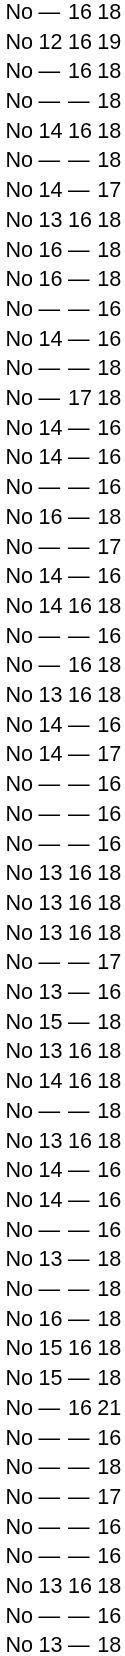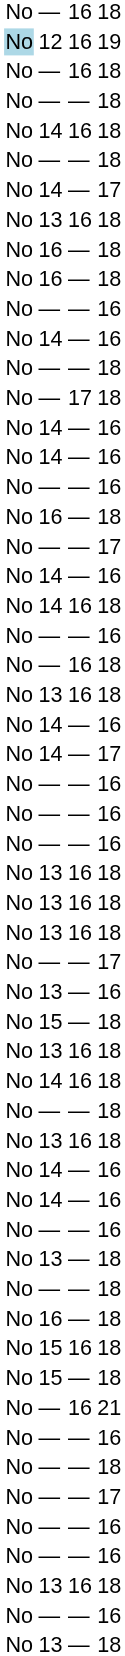 <table>
 <tr>
 <td style=text-align:left></td>
 <td>No</td>
 <td colspan=4>—</td>
 <td colspan=4>16</td>
 <td colspan=4>18</td>
 <td style=text-align:left;width:11em></td>
 </tr>
 <tr>
 <td style=text-align:left></td>
-<td>No</td>
+<td style="background: lightblue;">No</td>
 <td colspan=4>12</td>
 <td colspan=4>16</td>
 <td colspan=4>19</td>
 <td style=text-align:left></td>
 </tr>
 <tr>
 <td style=text-align:left></td>
 <td>No</td>
 <td colspan=4>—</td>
 <td colspan=4>16</td>
 <td colspan=4>18</td>
 <td style=text-align:left></td>
 </tr>
 <tr>
 <td style=text-align:left></td>
 <td>No</td>
 <td colspan=4>—</td>
 <td colspan=4>—</td>
 <td colspan=4>18</td>
 <td style=text-align:left></td>
 </tr>
 <tr>
 <td style=text-align:left></td>
 <td>No</td>
 <td colspan=4>14</td>
 <td colspan=4>16</td>
 <td colspan=4>18</td>
 <td style=text-align:left></td>
 </tr>
 <tr>
 <td style=text-align:left></td>
 <td>No</td>
 <td colspan=4>—</td>
 <td colspan=4>—</td>
 <td colspan=4>18</td>
 <td style=text-align:left></td>
 </tr>
 <tr>
 <td style=text-align:left></td>
 <td>No</td>
 <td colspan=4>14</td>
 <td colspan=4>—</td>
 <td colspan=4>17</td>
 <td></td>
 </tr>
 <tr>
 <td style=text-align:left></td>
 <td>No</td>
 <td colspan=4>13</td>
 <td colspan=4>16</td>
 <td colspan=4>18</td>
 <td style=text-align:left></td>
 </tr>
 <tr>
 <td style=text-align:left></td>
 <td>No</td>
 <td colspan=4>16</td>
 <td colspan=4>—</td>
 <td colspan=4>18</td>
 <td style=text-align:left></td>
 </tr>
 <tr>
 <td style=text-align:left></td>
 <td>No</td>
 <td colspan=4>16</td>
 <td colspan=4>—</td>
 <td colspan=4>18</td>
 <td style=text-align:left></td>
 </tr>
 <tr>
 <td style=text-align:left></td>
 <td>No</td>
 <td colspan=4>—</td>
 <td colspan=4>—</td>
 <td colspan=4>16</td>
 <td style=text-align:left></td>
 </tr>
 <tr>
 <td style=text-align:left></td>
 <td>No</td>
 <td colspan=4>14</td>
 <td colspan=4>—</td>
 <td colspan=4>16</td>
 <td style=text-align:left></td>
 </tr>
 <tr>
 <td style=text-align:left></td>
 <td>No</td>
 <td colspan=4>—</td>
 <td colspan=4>—</td>
 <td colspan=4>18</td>
 <td style=text-align:left></td>
 </tr>
 <tr>
 <td style=text-align:left></td>
 <td>No</td>
 <td colspan=4>—</td>
 <td colspan=4>17</td>
 <td colspan=4>18</td>
 <td style=text-align:left></td>
 </tr>
 <tr>
 <td style=text-align:left></td>
 <td>No</td>
 <td colspan=4>14</td>
 <td colspan=4>—</td>
 <td colspan=4>16</td>
 <td style=text-align:left></td>
 </tr>
 <tr>
 <td style=text-align:left></td>
 <td>No</td>
 <td colspan=4>14</td>
 <td colspan=4>—</td>
 <td colspan=4>16</td>
 <td></td>
 </tr>
 <tr>
 <td style=text-align:left></td>
 <td>No</td>
 <td colspan=4>—</td>
 <td colspan=4>—</td>
 <td colspan=4>16</td>
 <td style=text-align:left></td>
 </tr>
 <tr>
 <td style=text-align:left></td>
 <td>No</td>
 <td colspan=4>16</td>
 <td colspan=4>—</td>
 <td colspan=4>18</td>
 <td style=text-align:left></td>
 </tr>
 <tr>
 <td style=text-align:left></td>
 <td>No</td>
 <td colspan=4>—</td>
 <td colspan=4>—</td>
 <td colspan=4>17</td>
 <td style=text-align:left></td>
 </tr>
 <tr>
 <td style=text-align:left></td>
 <td>No</td>
 <td colspan=4>14</td>
 <td colspan=4>—</td>
 <td colspan=4>16</td>
 <td></td>
 </tr>
 <tr>
 <td style=text-align:left></td>
 <td>No</td>
 <td colspan=4>14</td>
 <td colspan=4>16</td>
 <td colspan=4>18</td>
 <td style=text-align:left></td>
 </tr>
 <tr>
 <td style=text-align:left></td>
 <td>No</td>
 <td colspan=4>—</td>
 <td colspan=4>—</td>
 <td colspan=4>16</td>
 <td style=text-align:left></td>
 </tr>
 <tr>
 <td style=text-align:left></td>
 <td>No</td>
 <td colspan=4>—</td>
 <td colspan=4>16</td>
 <td colspan=4>18</td>
 <td style=text-align:left></td>
 </tr>
 <tr>
 <td style=text-align:left></td>
 <td>No</td>
 <td colspan=4>13</td>
 <td colspan=4>16</td>
 <td colspan=4>18</td>
 <td style=text-align:left></td>
 </tr>
 <tr>
 <td style=text-align:left></td>
 <td>No</td>
 <td colspan=4>14</td>
 <td colspan=4>—</td>
 <td colspan=4>16</td>
 <td style=text-align:left></td>
 </tr>
 <tr>
 <td style=text-align:left></td>
 <td>No</td>
 <td colspan=4>14</td>
 <td colspan=4>—</td>
 <td colspan=4>17</td>
 <td></td>
 </tr>
 <tr>
 <td style=text-align:left></td>
 <td>No</td>
 <td colspan=4>—</td>
 <td colspan=4>—</td>
 <td colspan=4>16</td>
 <td style=text-align:left></td>
 </tr>
 <tr>
 <td style=text-align:left></td>
 <td>No</td>
 <td colspan=4>—</td>
 <td colspan=4>—</td>
 <td colspan=4>16</td>
 <td style=text-align:left></td>
 </tr>
 <tr>
 <td style=text-align:left></td>
 <td>No</td>
 <td colspan=4>—</td>
 <td colspan=4>—</td>
 <td colspan=4>16</td>
 <td></td>
 </tr>
 <tr>
 <td style=text-align:left></td>
 <td>No</td>
 <td colspan=4>13</td>
 <td colspan=4>16</td>
 <td colspan=4>18</td>
 <td style=text-align:left></td>
 </tr>
 <tr>
 <td style=text-align:left></td>
 <td>No</td>
 <td colspan=4>13</td>
 <td colspan=4>16</td>
 <td colspan=4>18</td>
 <td style=text-align:left></td>
 </tr>
 <tr>
 <td style=text-align:left></td>
 <td>No</td>
 <td colspan=4>13</td>
 <td colspan=4>16</td>
 <td colspan=4>18</td>
 <td style=text-align:left></td>
 </tr>
 <tr>
 <td style=text-align:left></td>
 <td>No</td>
 <td colspan=4>—</td>
 <td colspan=4>—</td>
 <td colspan=4>17</td>
 <td style=text-align:left></td>
 </tr>
 <tr>
 <td style=text-align:left></td>
 <td>No</td>
 <td colspan=4>13</td>
 <td colspan=4>—</td>
 <td colspan=4>16</td>
 <td style=text-align:left></td>
 </tr>
 <tr>
 <td style=text-align:left></td>
 <td>No</td>
 <td colspan=4>15</td>
 <td colspan=4>—</td>
 <td colspan=4>18</td>
 <td></td>
 </tr>
 <tr>
 <td style=text-align:left></td>
 <td>No</td>
 <td colspan=4>13</td>
 <td colspan=4>16</td>
 <td colspan=4>18</td>
 <td style=text-align:left></td>
 </tr>
 <tr>
 <td style=text-align:left></td>
 <td>No</td>
 <td colspan=4>14</td>
 <td colspan=4>16</td>
 <td colspan=4>18</td>
 <td style=text-align:left></td>
 </tr>
 <tr>
 <td style=text-align:left></td>
 <td>No</td>
 <td colspan=4>—</td>
 <td colspan=4>—</td>
 <td colspan=4>18</td>
 <td style=text-align:left></td>
 </tr>
 <tr>
 <td style=text-align:left></td>
 <td>No</td>
 <td colspan=4>13</td>
 <td colspan=4>16</td>
 <td colspan=4>18</td>
 <td style=text-align:left></td>
 </tr>
 <tr>
 <td style=text-align:left></td>
 <td>No</td>
 <td colspan=4>14</td>
 <td colspan=4>—</td>
 <td colspan=4>16</td>
 <td style=text-align:left></td>
 </tr>
 <tr>
 <td style=text-align:left></td>
 <td>No</td>
 <td colspan=4>14</td>
 <td colspan=4>—</td>
 <td colspan=4>16</td>
 <td style=text-align:left></td>
 </tr>
 <tr>
 <td style=text-align:left></td>
 <td>No</td>
 <td colspan=4>—</td>
 <td colspan=4>—</td>
 <td colspan=4>16</td>
 <td></td>
 </tr>
 <tr>
 <td style=text-align:left></td>
 <td>No</td>
 <td colspan=4>13</td>
 <td colspan=4>—</td>
 <td colspan=4>18</td>
 <td style=text-align:left></td>
 </tr>
 <tr>
 <td style=text-align:left></td>
 <td>No</td>
 <td colspan=4>—</td>
 <td colspan=4>—</td>
 <td colspan=4>18</td>
 <td style=text-align:left></td>
 </tr>
 <tr>
 <td style=text-align:left></td>
 <td>No</td>
 <td colspan=4>16</td>
 <td colspan=4>—</td>
 <td colspan=4>18</td>
 <td style=text-align:left></td>
 </tr>
 <tr>
 <td style=text-align:left></td>
 <td>No</td>
 <td colspan=4>15</td>
 <td colspan=4>16</td>
 <td colspan=4>18</td>
 <td style=text-align:left></td>
 </tr>
 <tr>
 <td style=text-align:left></td>
 <td>No</td>
 <td colspan=4>15</td>
 <td colspan=4>—</td>
 <td colspan=4>18</td>
 <td style=text-align:left></td>
 </tr>
 <tr>
 <td style=text-align:left></td>
 <td>No</td>
 <td colspan=4>—</td>
 <td colspan=4>16</td>
 <td colspan=4>21</td>
 <td style=text-align:left></td>
 </tr>
 <tr>
 <td style=text-align:left></td>
 <td>No</td>
 <td colspan=4>—</td>
 <td colspan=4>—</td>
 <td colspan=4>16</td>
 <td style=text-align:left></td>
 </tr>
 <tr>
 <td style=text-align:left></td>
 <td>No</td>
 <td colspan=4>—</td>
 <td colspan=4>—</td>
 <td colspan=4>18</td>
 <td style=text-align:left></td>
 </tr>
 <tr>
 <td style=text-align:left></td>
 <td>No</td>
 <td colspan=4>—</td>
 <td colspan=4>—</td>
 <td colspan=4>17</td>
 <td></td>
 </tr>
 <tr>
 <td style=text-align:left></td>
 <td>No</td>
 <td colspan=4>—</td>
 <td colspan=4>—</td>
 <td colspan=4>16</td>
 <td style=text-align:left></td>
 </tr>
 <tr>
 <td style=text-align:left></td>
 <td>No</td>
 <td colspan=4>—</td>
 <td colspan=4>—</td>
 <td colspan=4>16</td>
 <td style=text-align:left></td>
 </tr>
 <tr>
 <td style=text-align:left></td>
 <td>No</td>
 <td colspan=4>13</td>
 <td colspan=4>16</td>
 <td colspan=4>18</td>
 <td></td>
 </tr>
 <tr>
 <td style=text-align:left></td>
 <td>No</td>
 <td colspan=4>—</td>
 <td colspan=4>—</td>
 <td colspan=4>16</td>
 <td style=text-align:left></td>
 </tr>
 <tr>
 <td style=text-align:left></td>
 <td>No</td>
 <td colspan=4>13</td>
 <td colspan=4>—</td>
 <td colspan=4>18</td>
 <td style=text-align:left></td>
 </tr>
 </table>
